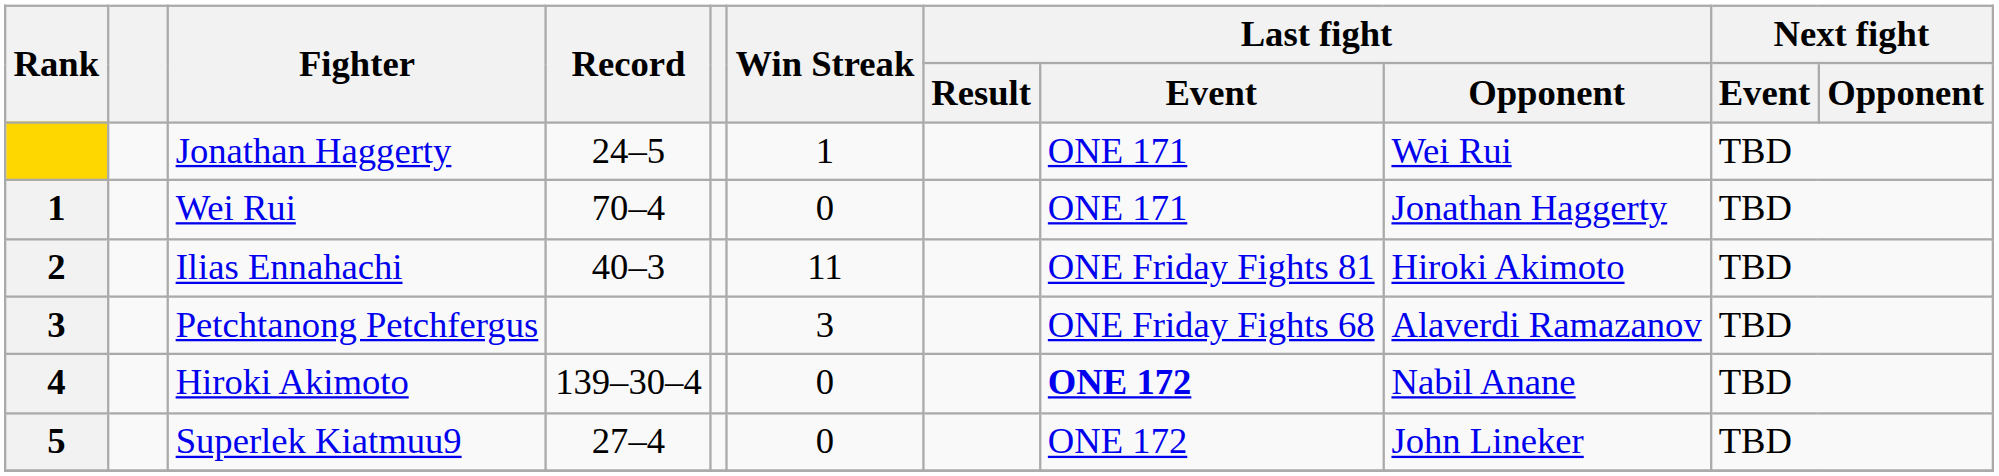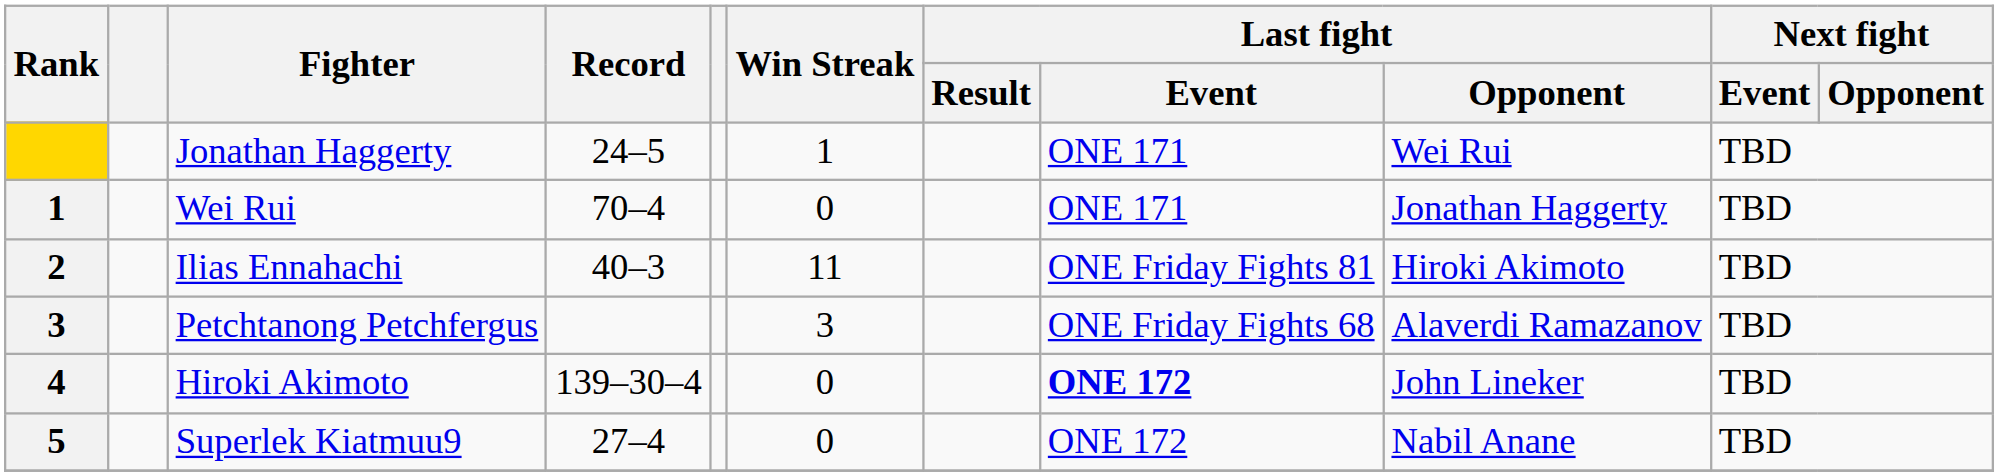 <table class="wikitable" style="display: inline-table;">
 <tr>
 <th rowspan=2>Rank</th>
 <th width=3% rowspan=2></th>
 <th rowspan=2>Fighter</th>
 <th rowspan=2>Record</th>
 <th rowspan=2></th>
 <th rowspan=2>Win Streak</th>
 <th colspan=3>Last fight</th>
 <th colspan=2>Next fight</th>
 </tr>
 <tr>
 <th>Result</th>
 <th>Event</th>
 <th>Opponent</th>
 <th>Event</th>
 <th>Opponent</th>
 </tr>
 <tr>
 <th style="background:gold"></th>
 <td></td>
 <td><a href='#'>Jonathan Haggerty</a></td>
 <td align="center">24–5</td>
 <td align="center"></td>
 <td align=center>1</td>
 <td></td>
 <td><a href='#'>ONE 171</a></td>
 <td><a href='#'>Wei Rui</a></td>
 <td colspan="2">TBD</td>
 </tr>
 <tr>
 <th>1</th>
 <td></td>
 <td><a href='#'>Wei Rui</a></td>
 <td align="center">70–4</td>
 <td align="center"></td>
 <td align="center">0</td>
 <td></td>
 <td><a href='#'>ONE 171</a></td>
 <td><a href='#'>Jonathan Haggerty</a></td>
 <td colspan="2">TBD</td>
 </tr>
 <tr>
 <th>2</th>
 <td></td>
 <td><a href='#'>Ilias Ennahachi</a></td>
 <td align="center">40–3</td>
 <td align="center"></td>
 <td align="center">11</td>
 <td></td>
 <td><a href='#'>ONE Friday Fights 81</a></td>
 <td><a href='#'>Hiroki Akimoto</a></td>
 <td colspan="2">TBD</td>
 </tr>
 <tr>
 <th>3</th>
 <td></td>
 <td><a href='#'>Petchtanong Petchfergus</a></td>
 <td align="center"></td>
 <td align="center"></td>
 <td align="center">3</td>
 <td></td>
 <td><a href='#'>ONE Friday Fights 68</a></td>
 <td><a href='#'>Alaverdi Ramazanov</a></td>
 <td colspan="2">TBD</td>
 </tr>
 <tr>
 <th>4</th>
 <td></td>
 <td><a href='#'>Hiroki Akimoto</a></td>
 <td align="center">139–30–4</td>
 <td align="center"></td>
 <td align="center">0</td>
 <td></td>
 <td><strong><a href='#'>ONE 172</a></strong></td>
-<td><a href='#'>Nabil Anane</a></td>
+<td><a href='#'>John Lineker</a></td>
 <td colspan="2">TBD</td>
 </tr>
 <tr>
 <th>5</th>
 <td></td>
 <td><a href='#'>Superlek Kiatmuu9</a></td>
 <td align="center">27–4</td>
 <td align="center"></td>
 <td align=center>0</td>
 <td></td>
 <td><a href='#'>ONE 172</a></td>
-<td><a href='#'>John Lineker</a></td>
+<td><a href='#'>Nabil Anane</a></td>
 <td colspan="2">TBD</td>
 </tr>
 <tr>
 </tr>
 </table>
